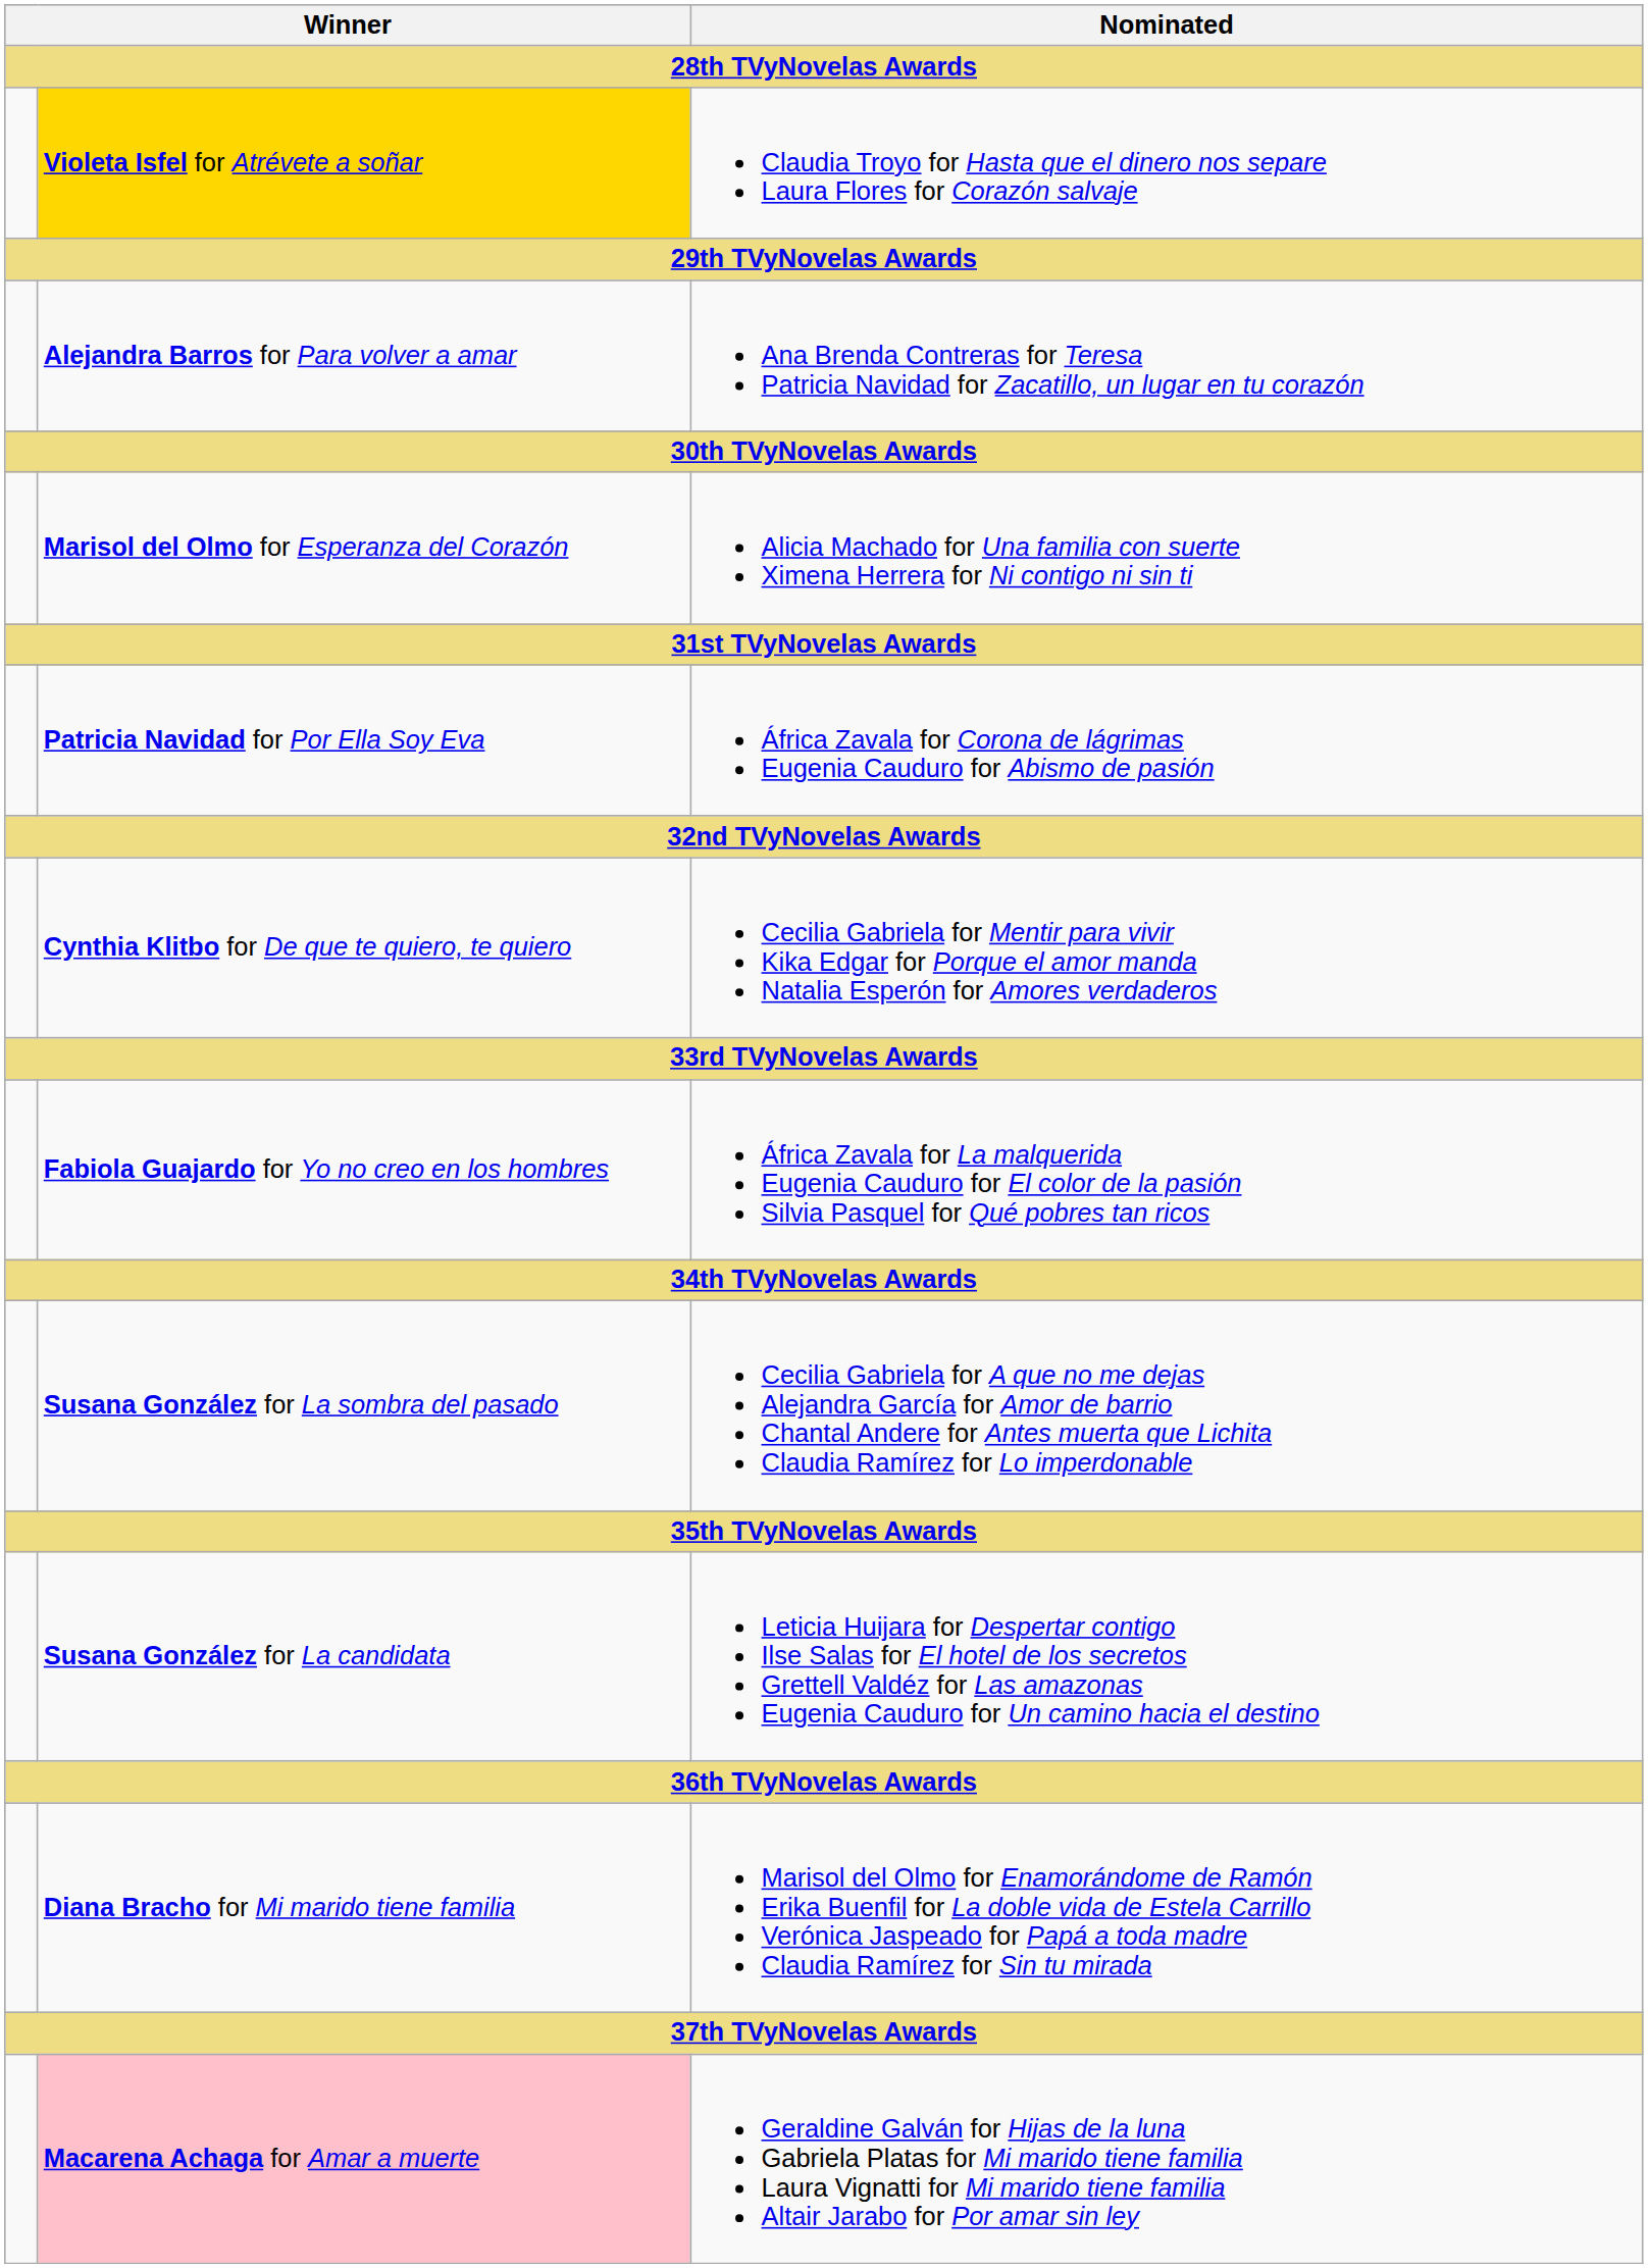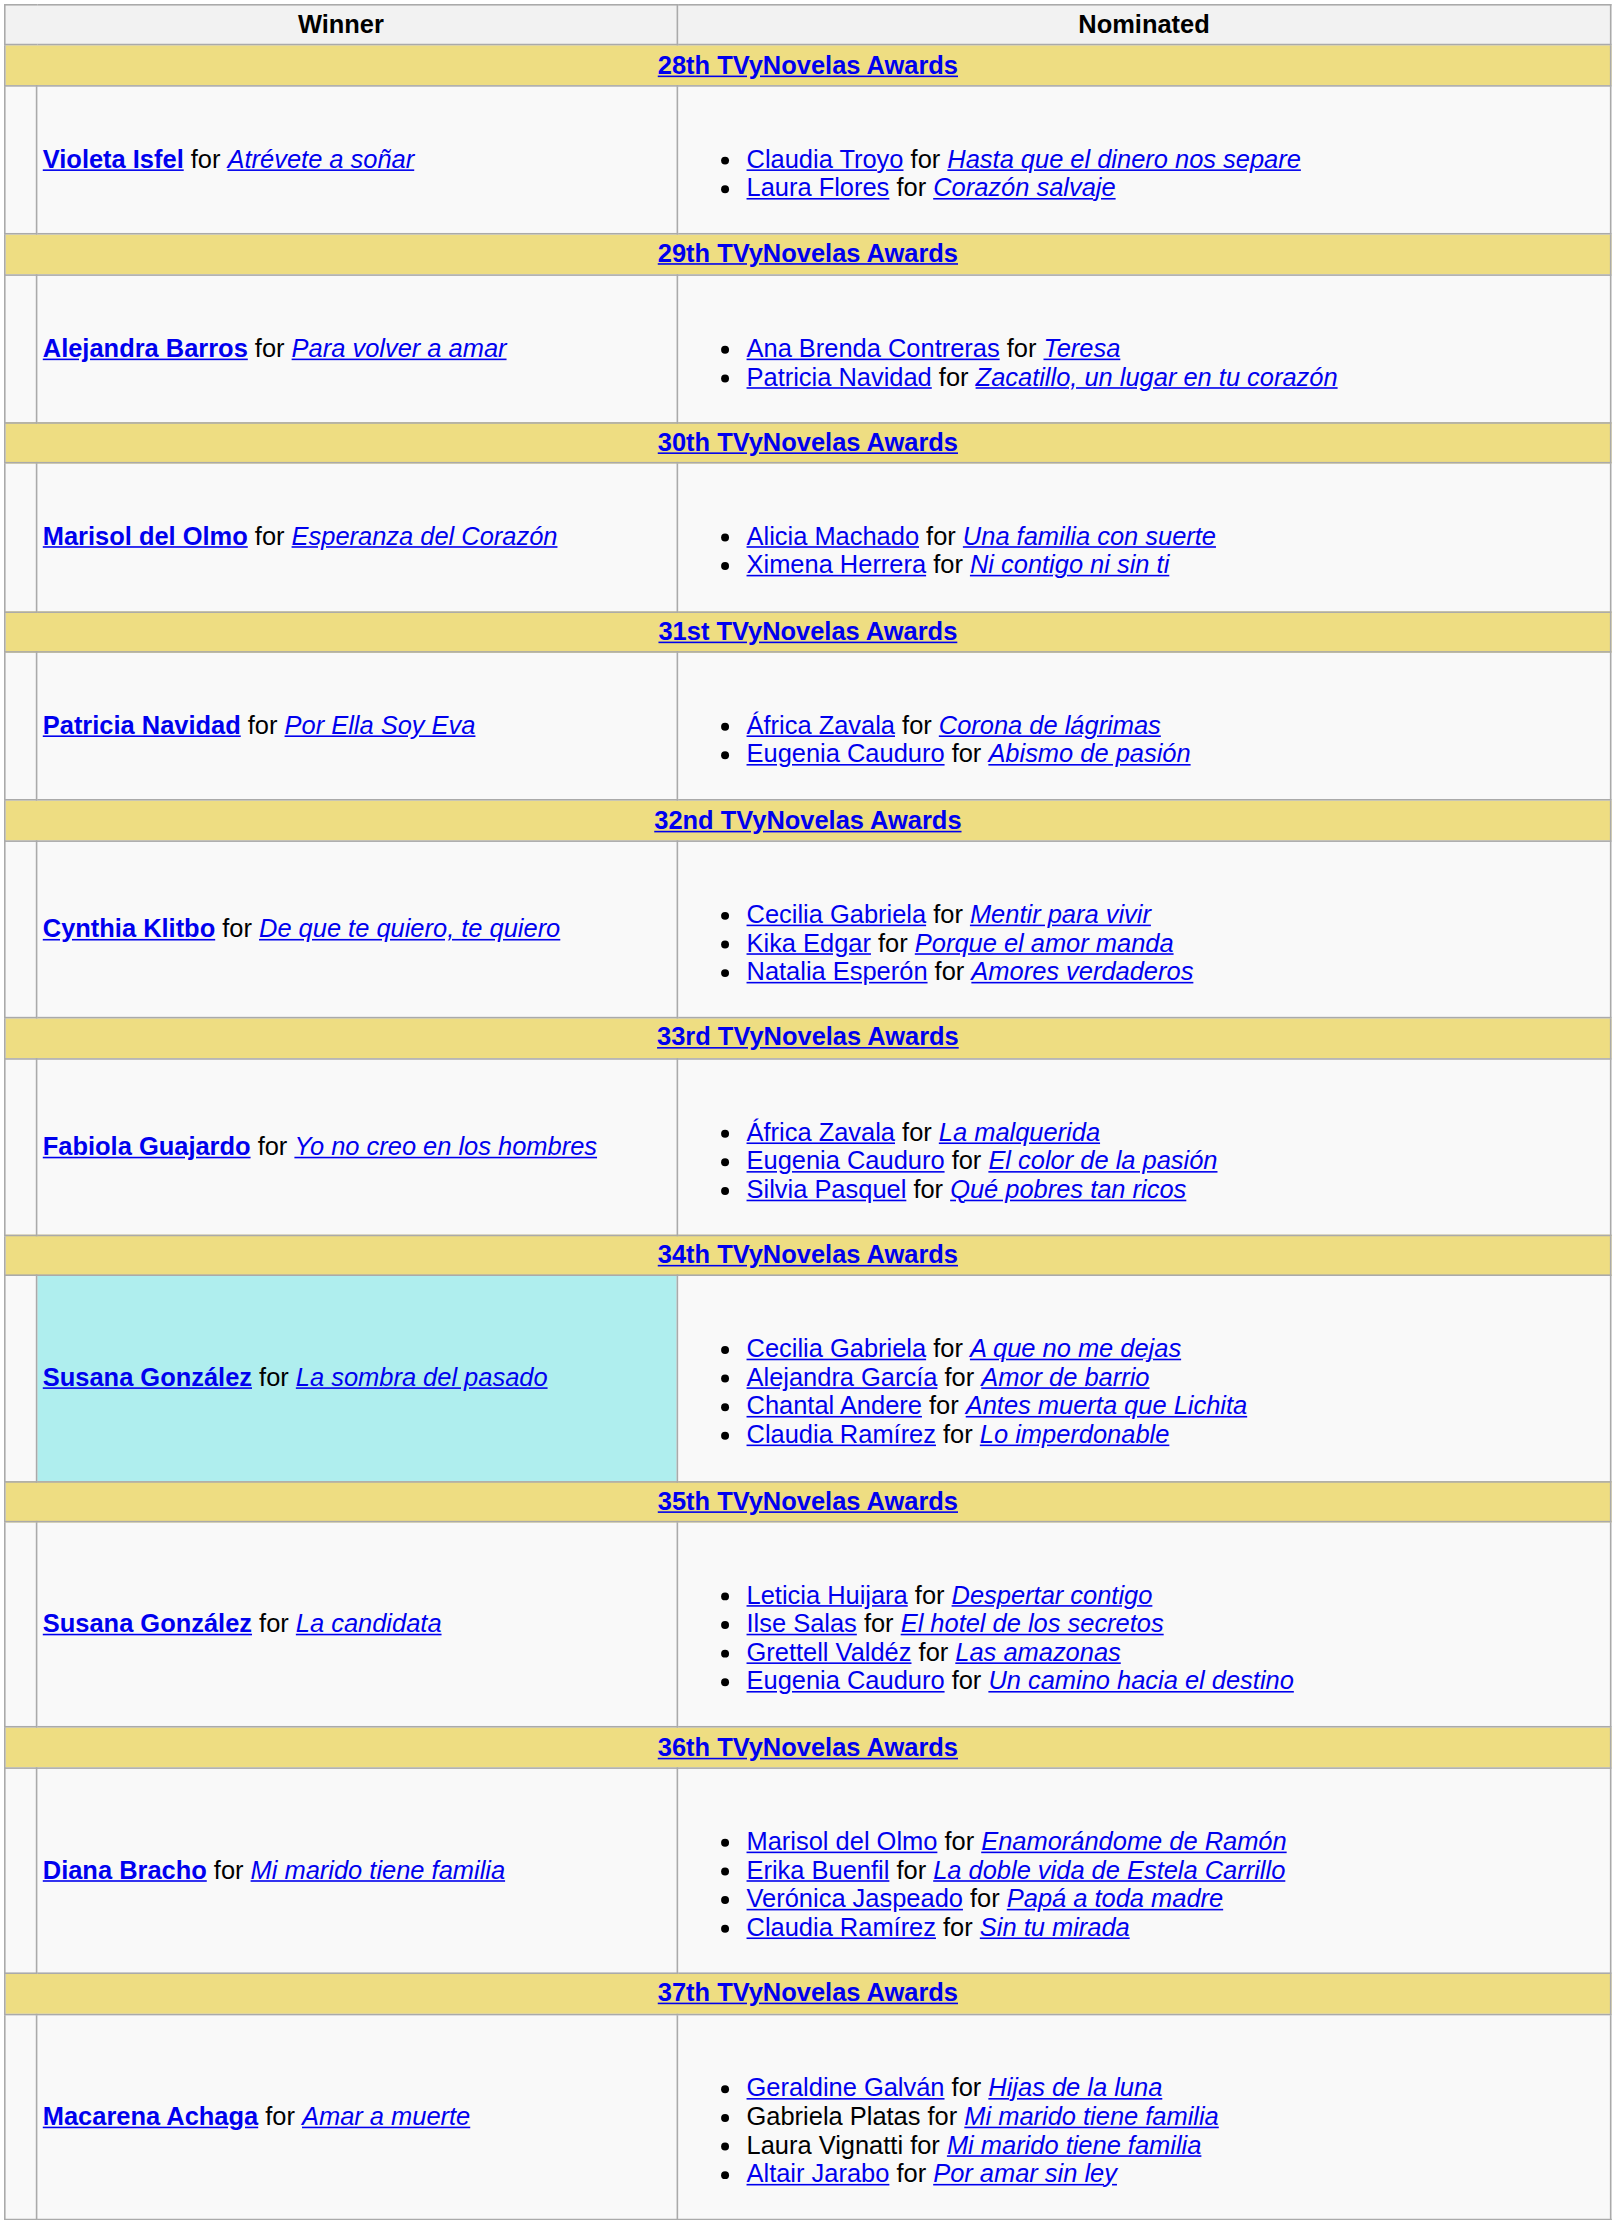 <table class="wikitable" width=80%>
 <tr align=center>
 <th width="150px;" colspan=2; align="center">Winner</th>
 <th width="580px;" align="center">Nominated</th>
 </tr>
 <tr>
 <th colspan=9 style="background:#EEDD82;"  align="center"><strong><a href='#'>28th TVyNovelas Awards</a></strong></th>
 </tr>
 <tr>
 <td width=2%></td>
-<td style="background: gold;"><strong><a href='#'>Violeta Isfel</a></strong> for <em><a href='#'>Atrévete a soñar</a></em></td>
+<td><strong><a href='#'>Violeta Isfel</a></strong> for <em><a href='#'>Atrévete a soñar</a></em></td>
 <td><br><ul><li><a href='#'>Claudia Troyo</a> for <em><a href='#'>Hasta que el dinero nos separe</a></em></li><li><a href='#'>Laura Flores</a> for <em><a href='#'>Corazón salvaje</a></em></li></ul></td>
 </tr>
 <tr>
 <th colspan=9 style="background:#EEDD82;"  align="center"><strong><a href='#'>29th TVyNovelas Awards</a></strong></th>
 </tr>
 <tr>
 <td width=2%></td>
 <td><strong><a href='#'>Alejandra Barros</a></strong> for <em><a href='#'>Para volver a amar</a></em></td>
 <td><br><ul><li><a href='#'>Ana Brenda Contreras</a> for <em><a href='#'>Teresa</a></em></li><li><a href='#'>Patricia Navidad</a> for <em><a href='#'>Zacatillo, un lugar en tu corazón</a></em></li></ul></td>
 </tr>
 <tr>
 <th colspan=9 style="background:#EEDD82;"  align="center"><strong><a href='#'>30th TVyNovelas Awards</a></strong></th>
 </tr>
 <tr>
 <td width=2%></td>
 <td><strong><a href='#'>Marisol del Olmo</a></strong> for <em><a href='#'>Esperanza del Corazón</a></em></td>
 <td><br><ul><li><a href='#'>Alicia Machado</a> for <em><a href='#'>Una familia con suerte</a></em></li><li><a href='#'>Ximena Herrera</a> for <em><a href='#'>Ni contigo ni sin ti</a></em></li></ul></td>
 </tr>
 <tr>
 <th colspan=9 style="background:#EEDD82;"  align="center"><strong><a href='#'>31st TVyNovelas Awards</a></strong></th>
 </tr>
 <tr>
 <td width=2%></td>
 <td><strong><a href='#'>Patricia Navidad</a></strong> for <em><a href='#'>Por Ella Soy Eva</a></em></td>
 <td><br><ul><li><a href='#'>África Zavala</a> for <em><a href='#'>Corona de lágrimas</a></em></li><li><a href='#'>Eugenia Cauduro</a> for <em><a href='#'>Abismo de pasión</a></em></li></ul></td>
 </tr>
 <tr>
 <th colspan=9 style="background:#EEDD82;"  align="center"><strong><a href='#'>32nd TVyNovelas Awards</a></strong></th>
 </tr>
 <tr>
 <td width=2%></td>
 <td><strong><a href='#'>Cynthia Klitbo</a></strong> for <em><a href='#'>De que te quiero, te quiero</a></em></td>
 <td><br><ul><li><a href='#'>Cecilia Gabriela</a> for <em><a href='#'>Mentir para vivir</a></em></li><li><a href='#'>Kika Edgar</a> for <em><a href='#'>Porque el amor manda</a></em></li><li><a href='#'>Natalia Esperón</a> for <em><a href='#'>Amores verdaderos</a></em></li></ul></td>
 </tr>
 <tr>
 <th colspan=9 style="background:#EEDD82;"  align="center"><strong><a href='#'>33rd TVyNovelas Awards</a></strong></th>
 </tr>
 <tr>
 <td width=2%></td>
 <td><strong><a href='#'>Fabiola Guajardo</a></strong> for <em><a href='#'>Yo no creo en los hombres</a></em></td>
 <td><br><ul><li><a href='#'>África Zavala</a> for <em><a href='#'>La malquerida</a></em></li><li><a href='#'>Eugenia Cauduro</a> for <em><a href='#'>El color de la pasión</a></em></li><li><a href='#'>Silvia Pasquel</a> for <em><a href='#'>Qué pobres tan ricos</a></em></li></ul></td>
 </tr>
 <tr>
 <th colspan=9 style="background:#EEDD82;"  align="center"><strong><a href='#'>34th TVyNovelas Awards</a></strong></th>
 </tr>
 <tr>
 <td width=2%></td>
-<td><strong><a href='#'>Susana González</a></strong> for <em><a href='#'>La sombra del pasado</a></em></td>
+<td style="background: paleturquoise;"><strong><a href='#'>Susana González</a></strong> for <em><a href='#'>La sombra del pasado</a></em></td>
 <td><br><ul><li><a href='#'>Cecilia Gabriela</a> for <em><a href='#'>A que no me dejas</a></em></li><li><a href='#'>Alejandra García</a> for <em><a href='#'>Amor de barrio</a></em></li><li><a href='#'>Chantal Andere</a> for <em><a href='#'>Antes muerta que Lichita</a></em></li><li><a href='#'>Claudia Ramírez</a> for <em><a href='#'>Lo imperdonable</a></em></li></ul></td>
 </tr>
 <tr>
 <th colspan=9 style="background:#EEDD82;"  align="center"><strong><a href='#'>35th TVyNovelas Awards</a></strong></th>
 </tr>
 <tr>
 <td width=2%></td>
 <td><strong><a href='#'>Susana González</a></strong> for <em><a href='#'>La candidata</a></em></td>
 <td><br><ul><li><a href='#'>Leticia Huijara</a> for <em><a href='#'>Despertar contigo</a></em></li><li><a href='#'>Ilse Salas</a> for <em><a href='#'>El hotel de los secretos</a></em></li><li><a href='#'>Grettell Valdéz</a> for <em><a href='#'>Las amazonas</a></em></li><li><a href='#'>Eugenia Cauduro</a> for <em><a href='#'>Un camino hacia el destino</a></em></li></ul></td>
 </tr>
 <tr>
 <th colspan=9 style="background:#EEDD82;"  align="center"><strong><a href='#'>36th TVyNovelas Awards</a></strong></th>
 </tr>
 <tr>
 <td width=2%></td>
 <td><strong><a href='#'>Diana Bracho</a></strong> for <em><a href='#'>Mi marido tiene familia</a></em></td>
 <td><br><ul><li><a href='#'>Marisol del Olmo</a> for <em><a href='#'>Enamorándome de Ramón</a></em></li><li><a href='#'>Erika Buenfil</a> for <em><a href='#'>La doble vida de Estela Carrillo</a></em></li><li><a href='#'>Verónica Jaspeado</a> for <em><a href='#'>Papá a toda madre</a></em></li><li><a href='#'>Claudia Ramírez</a> for <em><a href='#'>Sin tu mirada</a></em></li></ul></td>
 </tr>
 <tr>
 <th colspan=9 style="background:#EEDD82;"  align="center"><strong><a href='#'>37th TVyNovelas Awards</a></strong></th>
 </tr>
 <tr>
 <td width=2%></td>
-<td style="background: pink;"><strong><a href='#'>Macarena Achaga</a></strong> for <em><a href='#'>Amar a muerte</a></em></td>
+<td><strong><a href='#'>Macarena Achaga</a></strong> for <em><a href='#'>Amar a muerte</a></em></td>
 <td><br><ul><li><a href='#'>Geraldine Galván</a> for <em><a href='#'>Hijas de la luna</a></em></li><li>Gabriela Platas for <em><a href='#'>Mi marido tiene familia</a></em></li><li>Laura Vignatti for <em><a href='#'>Mi marido tiene familia</a></em></li><li><a href='#'>Altair Jarabo</a> for <em><a href='#'>Por amar sin ley</a></em></li></ul></td>
 </tr>
 <tr>
 </tr>
 </table>
